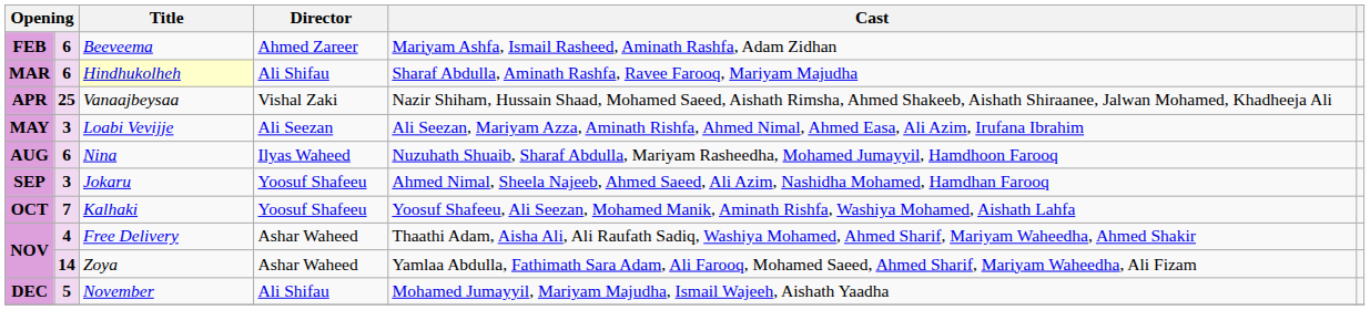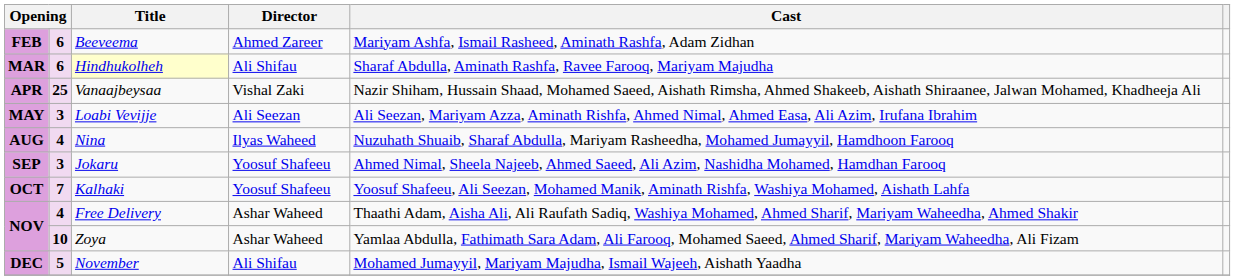 <table class="wikitable plainrowheaders" width="100%">
 <tr>
 <th scope="col" colspan="2" width="4%">Opening</th>
 <th scope="col" width="13%">Title</th>
 <th scope="col" width="10%">Director</th>
 <th scope="col" width="75%">Cast</th>
 <th scope="col" width="2%"></th>
 </tr>
 <tr>
 <td style="text-align:center; background:plum; textcolor:#000;"><strong>FEB</strong></td>
 <td style="text-align:center; background:#f1daf1;"><strong>6</strong></td>
 <td><em><a href='#'>Beeveema</a></em></td>
 <td><a href='#'>Ahmed Zareer</a></td>
 <td><a href='#'>Mariyam Ashfa</a>, <a href='#'>Ismail Rasheed</a>, <a href='#'>Aminath Rashfa</a>, Adam Zidhan</td>
 <td style="text-align:center;"></td>
 </tr>
 <tr>
 <td style="text-align:center; background:plum; textcolor:#000;"><strong>MAR</strong></td>
 <td style="text-align:center; background:#f1daf1;"><strong>6</strong></td>
 <td style="background:#ffc;"><em><a href='#'>Hindhukolheh</a></em> </td>
 <td><a href='#'>Ali Shifau</a></td>
 <td><a href='#'>Sharaf Abdulla</a>, <a href='#'>Aminath Rashfa</a>, <a href='#'>Ravee Farooq</a>, <a href='#'>Mariyam Majudha</a></td>
 <td style="text-align:center;"></td>
 </tr>
 <tr>
 <td style="text-align:center; background:plum; textcolor:#000;"><strong>APR</strong></td>
 <td style="text-align:center; background:#f1daf1;"><strong>25</strong></td>
 <td><em>Vanaajbeysaa</em></td>
 <td>Vishal Zaki</td>
 <td>Nazir Shiham, Hussain Shaad, Mohamed Saeed, Aishath Rimsha, Ahmed Shakeeb, Aishath Shiraanee, Jalwan Mohamed, Khadheeja Ali</td>
 <td style="text-align:center;"></td>
 </tr>
 <tr>
 <td style="text-align:center; background:plum; textcolor:#000;"><strong>MAY</strong></td>
 <td style="text-align:center; background:#f1daf1;"><strong>3</strong></td>
 <td><em><a href='#'>Loabi Vevijje</a></em></td>
 <td><a href='#'>Ali Seezan</a></td>
 <td><a href='#'>Ali Seezan</a>, <a href='#'>Mariyam Azza</a>, <a href='#'>Aminath Rishfa</a>, <a href='#'>Ahmed Nimal</a>, <a href='#'>Ahmed Easa</a>, <a href='#'>Ali Azim</a>, <a href='#'>Irufana Ibrahim</a></td>
 <td style="text-align:center;"></td>
 </tr>
 <tr>
 <td style="text-align:center; background:plum; textcolor:#000;"><strong>AUG</strong></td>
-<td style="text-align:center; background:#f1daf1;"><strong>6</strong></td>
+<td style="text-align:center; background:#f1daf1;"><strong>4</strong></td>
 <td><em><a href='#'>Nina</a></em></td>
 <td><a href='#'>Ilyas Waheed</a></td>
 <td><a href='#'>Nuzuhath Shuaib</a>, <a href='#'>Sharaf Abdulla</a>, Mariyam Rasheedha, <a href='#'>Mohamed Jumayyil</a>, <a href='#'>Hamdhoon Farooq</a></td>
 <td style="text-align:center;"></td>
 </tr>
 <tr>
 <td style="text-align:center; background:plum; textcolor:#000;"><strong>SEP</strong></td>
 <td style="text-align:center; background:#f1daf1;"><strong>3</strong></td>
 <td><em><a href='#'>Jokaru</a></em></td>
 <td><a href='#'>Yoosuf Shafeeu</a></td>
 <td><a href='#'>Ahmed Nimal</a>, <a href='#'>Sheela Najeeb</a>, <a href='#'>Ahmed Saeed</a>, <a href='#'>Ali Azim</a>, <a href='#'>Nashidha Mohamed</a>, <a href='#'>Hamdhan Farooq</a></td>
 <td style="text-align:center;"></td>
 </tr>
 <tr>
 <td style="text-align:center; background:plum; textcolor:#000;"><strong>OCT</strong></td>
 <td style="text-align:center; background:#f1daf1;"><strong>7</strong></td>
 <td><em><a href='#'>Kalhaki</a></em></td>
 <td><a href='#'>Yoosuf Shafeeu</a></td>
 <td><a href='#'>Yoosuf Shafeeu</a>, <a href='#'>Ali Seezan</a>, <a href='#'>Mohamed Manik</a>, <a href='#'>Aminath Rishfa</a>, <a href='#'>Washiya Mohamed</a>, <a href='#'>Aishath Lahfa</a></td>
 <td style="text-align:center;"></td>
 </tr>
 <tr>
 <td style="text-align:center; background:plum; textcolor:#000;" rowspan="2"><strong>NOV</strong></td>
 <td style="text-align:center; background:#f1daf1;"><strong>4</strong></td>
 <td><em><a href='#'>Free Delivery</a></em></td>
 <td>Ashar Waheed</td>
 <td>Thaathi Adam, <a href='#'>Aisha Ali</a>, Ali Raufath Sadiq, <a href='#'>Washiya Mohamed</a>, <a href='#'>Ahmed Sharif</a>, <a href='#'>Mariyam Waheedha</a>, <a href='#'>Ahmed Shakir</a></td>
 <td style="text-align:center;"></td>
 </tr>
 <tr>
-<td style="text-align:center; background:#f1daf1;"><strong>14</strong></td>
+<td style="text-align:center; background:#f1daf1;"><strong>10</strong></td>
 <td><em>Zoya</em></td>
 <td>Ashar Waheed</td>
 <td>Yamlaa Abdulla, <a href='#'>Fathimath Sara Adam</a>, <a href='#'>Ali Farooq</a>, Mohamed Saeed, <a href='#'>Ahmed Sharif</a>, <a href='#'>Mariyam Waheedha</a>, Ali Fizam</td>
 <td style="text-align:center;"></td>
 </tr>
 <tr>
 <td style="text-align:center; background:plum; textcolor:#000;"><strong>DEC</strong></td>
 <td style="text-align:center; background:#f1daf1;"><strong>5</strong></td>
 <td><em><a href='#'>November</a></em></td>
 <td><a href='#'>Ali Shifau</a></td>
 <td><a href='#'>Mohamed Jumayyil</a>, <a href='#'>Mariyam Majudha</a>, <a href='#'>Ismail Wajeeh</a>, Aishath Yaadha</td>
 <td style="text-align:center;"></td>
 </tr>
 <tr>
 </tr>
 </table>
